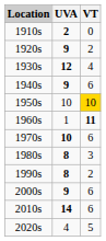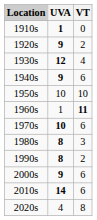 <table class="wikitable">
 <tr>
 <th style="background:#CCCCCC; text-align:center"><strong>Location</strong></th>
 <th><strong>UVA</strong></th>
 <th><strong>VT</strong></th>
 </tr>
 <tr>
 <td align=center>1910s</td>
-<td align=center><strong>2</strong></td>
+<td align=center><strong>1</strong></td>
 <td align=center>0</td>
 </tr>
 <tr>
 <td align=center>1920s</td>
 <td align=center><strong>9</strong></td>
 <td align=center>2</td>
 </tr>
 <tr>
 <td align=center>1930s</td>
 <td align=center><strong>12</strong></td>
 <td align=center>4</td>
 </tr>
 <tr>
 <td align=center>1940s</td>
 <td align=center><strong>9</strong></td>
 <td align=center>6</td>
 </tr>
 <tr>
 <td align=center>1950s</td>
 <td align=center>10</td>
-<td align=center style="background: gold;">10</td>
+<td align=center>10</td>
 </tr>
 <tr>
 <td align=center>1960s</td>
 <td align=center>1</td>
 <td align=center><strong>11</strong></td>
 </tr>
 <tr>
 <td align=center>1970s</td>
 <td align=center><strong>10</strong></td>
 <td align=center>6</td>
 </tr>
 <tr>
 <td align=center>1980s</td>
 <td align=center><strong>8</strong></td>
 <td align=center>3</td>
 </tr>
 <tr>
 <td align=center>1990s</td>
 <td align=center><strong>8</strong></td>
 <td align=center>2</td>
 </tr>
 <tr>
 <td align=center>2000s</td>
 <td align=center><strong>9</strong></td>
 <td align=center>6</td>
 </tr>
 <tr>
 <td align=center>2010s</td>
 <td align=center><strong>14</strong></td>
 <td align=center>6</td>
 </tr>
 <tr>
 <td align=center>2020s</td>
 <td align=center>4</td>
-<td align=center>5</td>
+<td align=center>8</td>
 </tr>
 </table>
